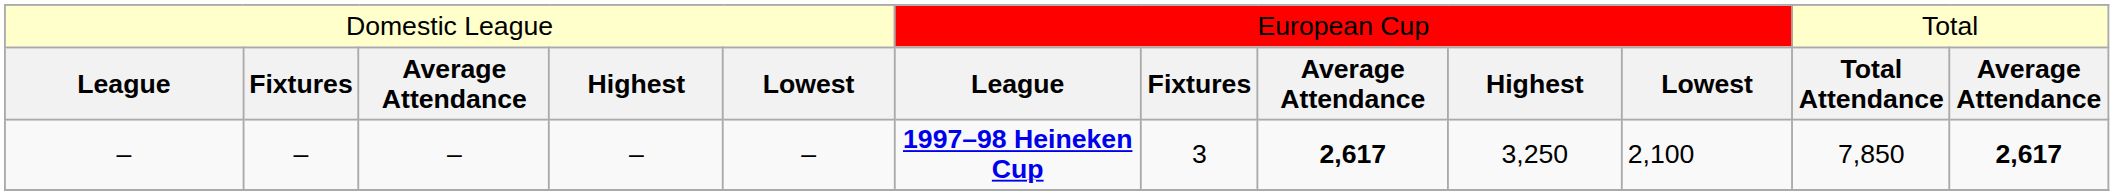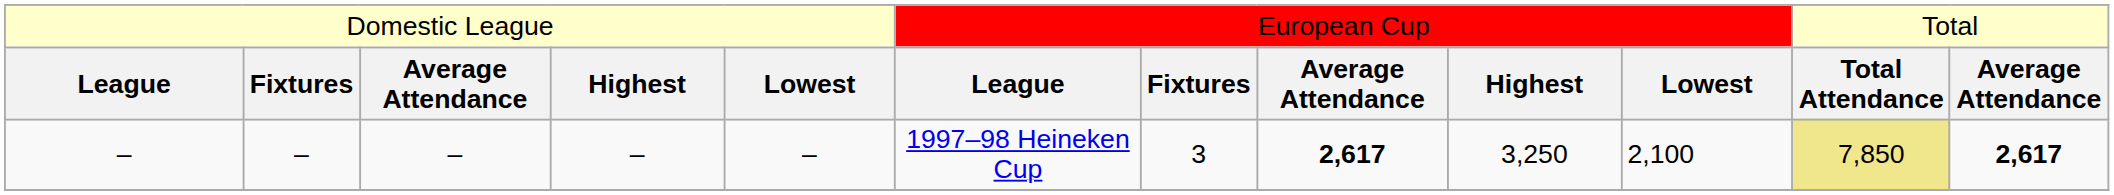 <table class="wikitable sortable" style="font-size:90%; width:90%;">
 <tr>
 <td colspan="5" class="wikitable sortable" style="width:45%; background:#ffffcc; text-align:center;"><span>Domestic League</span></td>
 <td colspan="5" class="wikitable sortable" style="width:45%; background:#f00; text-align:center;"><span>European Cup</span></td>
 <td colspan="2" class="wikitable sortable" style="width:45%; background:#ffffcc; text-align:center;"><span>Total</span></td>
 </tr>
 <tr>
 <th style="width:15%;">League</th>
 <th style="width:5%;">Fixtures</th>
 <th style="width:10%;">Average Attendance</th>
 <th style="width:10%;">Highest</th>
 <th style="width:10%;">Lowest</th>
 <th style="width:15%;">League</th>
 <th style="width:5%;">Fixtures</th>
 <th style="width:10%;">Average Attendance</th>
 <th style="width:10%;">Highest</th>
 <th style="width:10%;">Lowest</th>
 <th style="width:10%;">Total Attendance</th>
 <th style="width:10%;">Average Attendance</th>
 </tr>
 <tr>
 <td align=center>–</td>
 <td align=center>–</td>
 <td align=center>–</td>
 <td align=center>–</td>
 <td align=center>–</td>
-<td align=center><strong><a href='#'>1997–98 Heineken Cup</a></strong></td>
+<td align=center><a href='#'>1997–98 Heineken Cup</a></td>
 <td align=center>3</td>
 <td align=center><strong>2,617</strong></td>
 <td align=center>3,250</td>
 <td style=align=center>2,100</td>
-<td align=center>7,850</td>
+<td align=center style="background: khaki;">7,850</td>
 <td align=center><strong>2,617</strong></td>
 </tr>
 <tr>
 </tr>
 </table>
